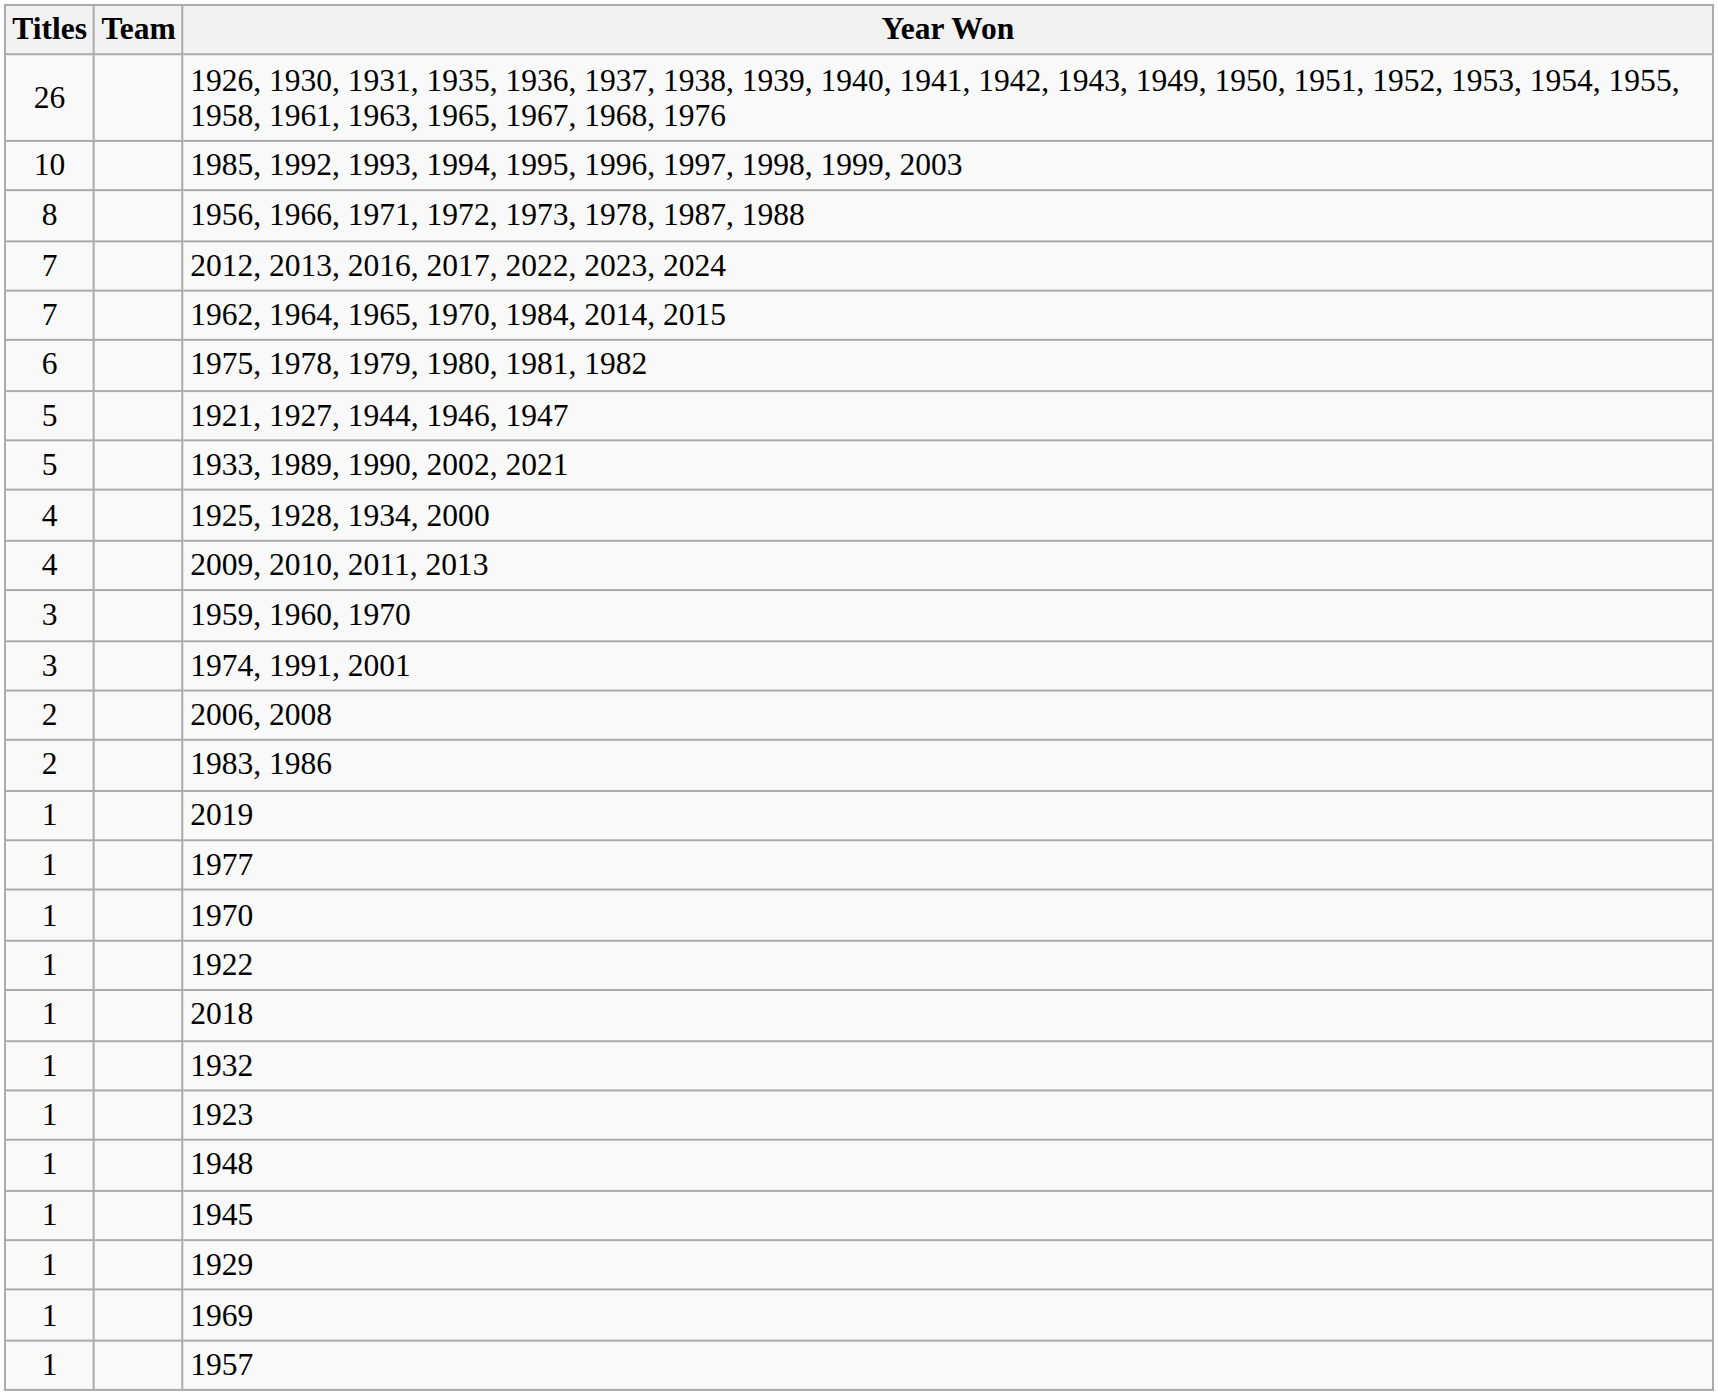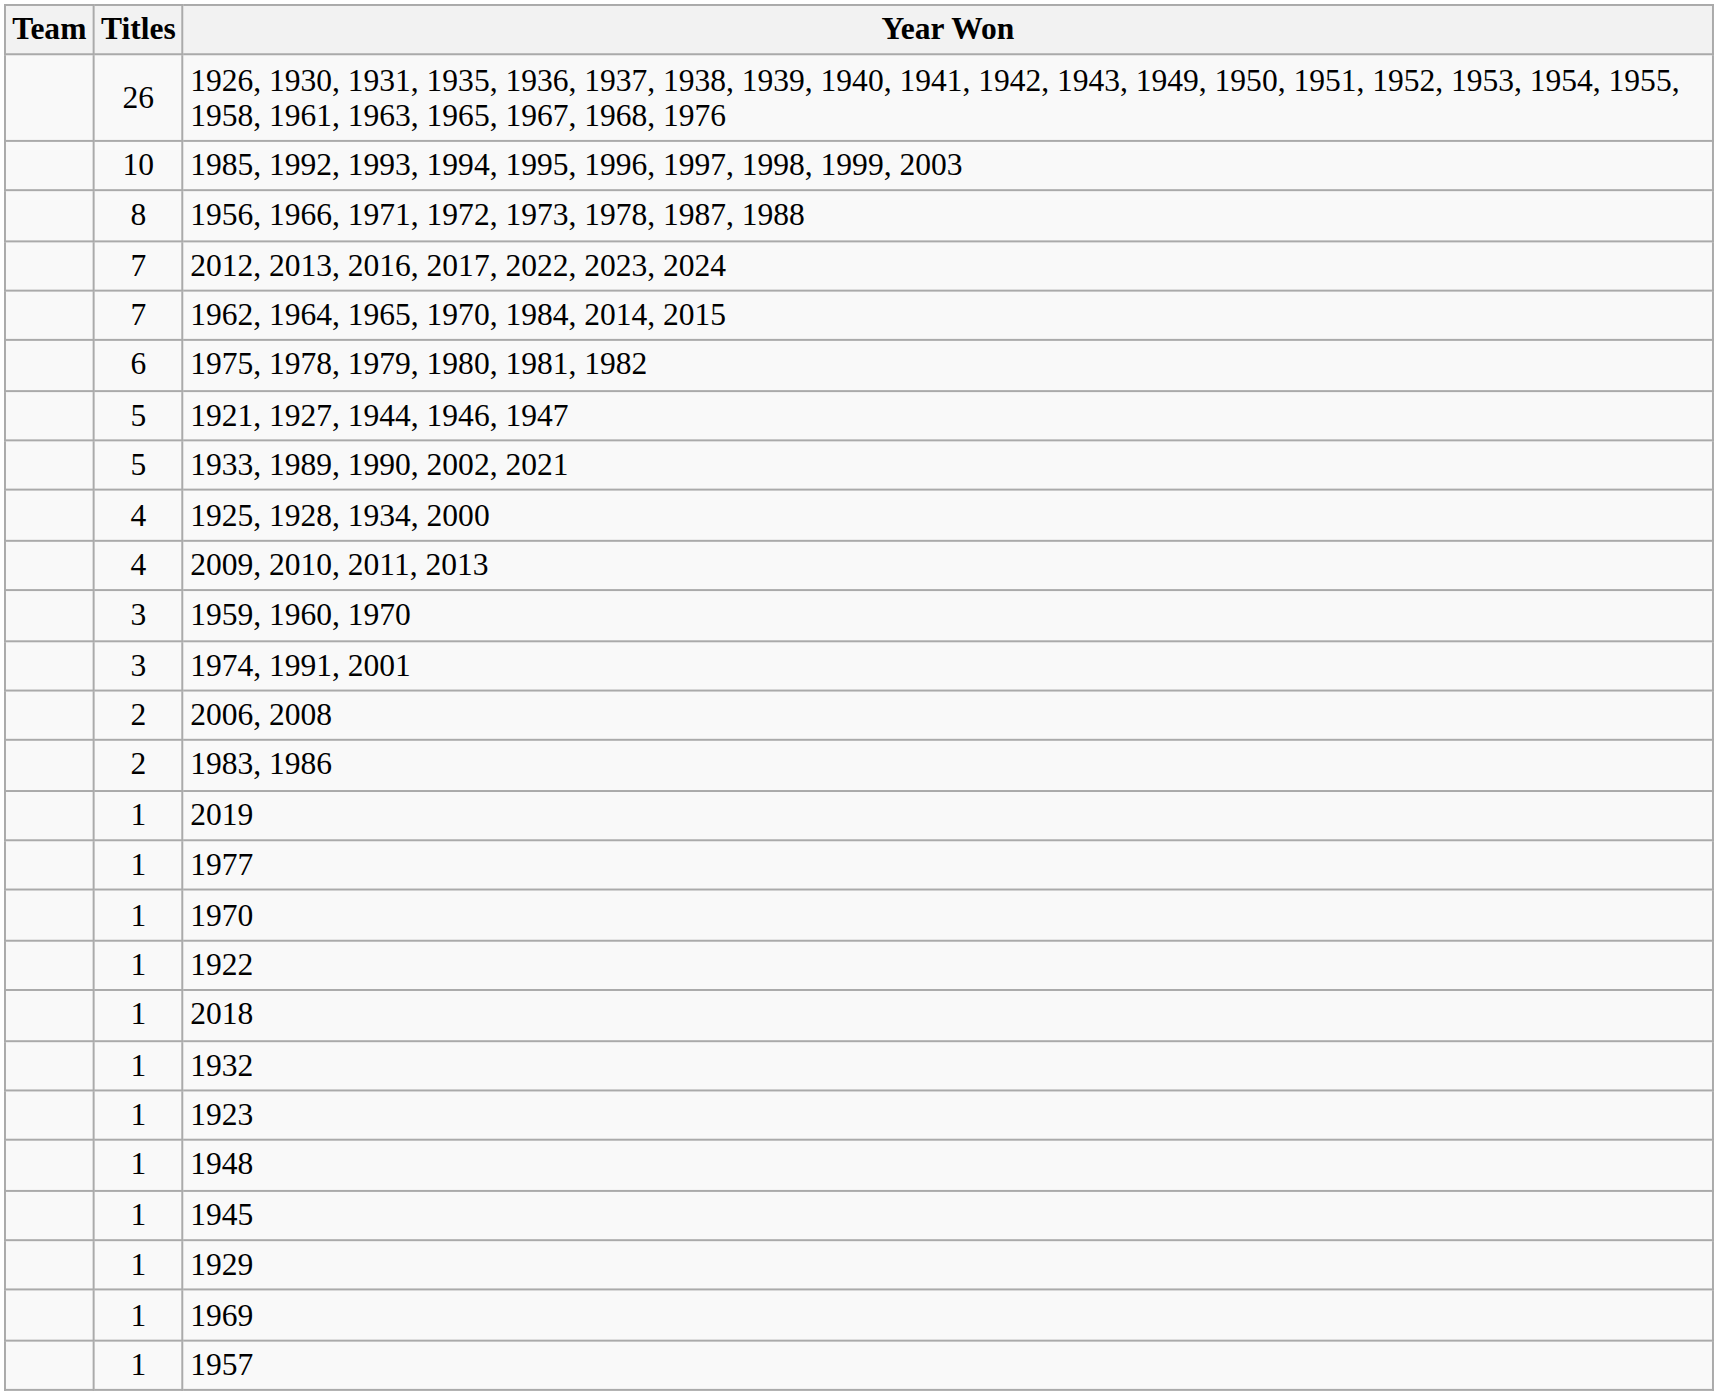 <table class="wikitable sortable" style="text-align:center">
 <tr>
+<th>Team</th>
 <th>Titles</th>
-<th>Team</th>
 <th>Year Won</th>
 </tr>
 <tr>
+<td><strong></strong></td>
 <td>26</td>
-<td><strong></strong></td>
 <td align=left>1926, 1930, 1931, 1935, 1936, 1937, 1938, 1939, 1940, 1941, 1942, 1943, 1949, 1950, 1951, 1952, 1953, 1954, 1955, 1958, 1961, 1963, 1965, 1967, 1968, 1976</td>
 </tr>
 <tr>
+<td><strong><a href='#'></a></strong></td>
 <td>10</td>
-<td><strong><a href='#'></a></strong></td>
 <td align="left">1985, 1992, 1993, 1994, 1995, 1996, 1997, 1998, 1999, 2003</td>
 </tr>
 <tr>
+<td><strong><a href='#'></a></strong></td>
 <td>8</td>
-<td><strong><a href='#'></a></strong></td>
 <td align=left>1956, 1966, 1971, 1972, 1973, 1978, 1987, 1988</td>
 </tr>
 <tr>
+<td><strong><a href='#'></a></strong></td>
 <td>7</td>
-<td><strong><a href='#'></a></strong></td>
 <td align=left>2012, 2013, 2016, 2017, 2022, 2023, 2024</td>
 </tr>
 <tr>
+<td><strong></strong></td>
 <td>7</td>
-<td><strong></strong></td>
 <td align=left>1962, 1964, 1965, 1970, 1984, 2014, 2015</td>
 </tr>
 <tr>
+<td><strong></strong></td>
 <td>6</td>
-<td><strong></strong></td>
 <td align=left>1975, 1978, 1979, 1980, 1981, 1982</td>
 </tr>
 <tr>
+<td><strong></strong></td>
 <td>5</td>
-<td><strong></strong></td>
 <td align=left>1921, 1927, 1944, 1946, 1947</td>
 </tr>
 <tr>
+<td><strong></strong></td>
 <td>5</td>
-<td><strong></strong></td>
 <td align=left>1933, 1989, 1990, 2002, 2021</td>
 </tr>
 <tr>
+<td><strong><a href='#'></a></strong></td>
 <td>4</td>
-<td><strong><a href='#'></a></strong></td>
 <td align=left>1925, 1928, 1934, 2000</td>
 </tr>
 <tr>
+<td><strong><a href='#'></a></strong></td>
 <td>4</td>
-<td><strong><a href='#'></a></strong></td>
 <td align=left>2009, 2010, 2011, 2013</td>
 </tr>
 <tr>
+<td><strong><a href='#'></a></strong></td>
 <td>3</td>
-<td><strong><a href='#'></a></strong></td>
 <td align=left>1959, 1960, 1970</td>
 </tr>
 <tr>
+<td><strong><a href='#'></a></strong></td>
 <td>3</td>
-<td><strong><a href='#'></a></strong></td>
 <td align=left>1974, 1991, 2001</td>
 </tr>
 <tr>
+<td><strong></strong></td>
 <td>2</td>
-<td><strong></strong></td>
 <td align=left>2006, 2008</td>
 </tr>
 <tr>
+<td><strong><a href='#'></a></strong></td>
 <td>2</td>
-<td><strong><a href='#'></a></strong></td>
 <td align=left>1983, 1986</td>
 </tr>
 <tr>
+<td><strong><a href='#'></a></strong></td>
 <td>1</td>
-<td><strong><a href='#'></a></strong></td>
 <td align=left>2019</td>
 </tr>
 <tr>
+<td><strong></strong></td>
 <td>1</td>
-<td><strong></strong></td>
 <td align=left>1977</td>
 </tr>
 <tr>
+<td><strong><a href='#'></a></strong></td>
 <td>1</td>
-<td><strong><a href='#'></a></strong></td>
 <td align=left>1970</td>
 </tr>
 <tr>
+<td><strong></strong></td>
 <td>1</td>
-<td><strong></strong></td>
 <td align=left>1922</td>
 </tr>
 <tr>
+<td><strong><a href='#'></a></strong></td>
 <td>1</td>
-<td><strong><a href='#'></a></strong></td>
 <td align=left>2018</td>
 </tr>
 <tr>
+<td><strong></strong></td>
 <td>1</td>
-<td><strong></strong></td>
 <td align=left>1932</td>
 </tr>
 <tr>
+<td><strong></strong></td>
 <td>1</td>
-<td><strong></strong></td>
 <td align=left>1923</td>
 </tr>
 <tr>
+<td><strong></strong></td>
 <td>1</td>
-<td><strong></strong></td>
 <td align=left>1948</td>
 </tr>
 <tr>
+<td><strong></strong></td>
 <td>1</td>
-<td><strong></strong></td>
 <td align=left>1945</td>
 </tr>
 <tr>
+<td><strong><a href='#'></a></strong></td>
 <td>1</td>
-<td><strong><a href='#'></a></strong></td>
 <td align=left>1929</td>
 </tr>
 <tr>
+<td><strong></strong></td>
 <td>1</td>
-<td><strong></strong></td>
 <td align=left>1969</td>
 </tr>
 <tr>
+<td><strong></strong></td>
 <td>1</td>
-<td><strong></strong></td>
 <td align=left>1957</td>
 </tr>
 </table>
